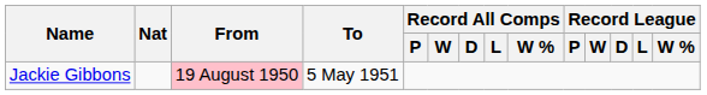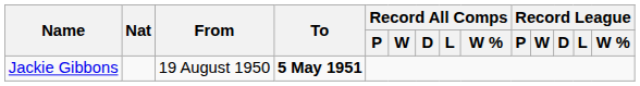 <table style="text-align: center" class="wikitable">
 <tr>
 <th rowspan="2">Name</th>
 <th rowspan="2">Nat</th>
 <th rowspan="2">From</th>
 <th rowspan="2">To</th>
 <th colspan="5">Record All Comps</th>
 <th colspan="5">Record League</th>
 </tr>
 <tr>
 <th>P</th>
 <th>W</th>
 <th>D</th>
 <th>L</th>
 <th>W %</th>
 <th>P</th>
 <th>W</th>
 <th>D</th>
 <th>L</th>
 <th>W %</th>
 </tr>
 <tr>
 <td style="text-align:left;"><a href='#'>Jackie Gibbons</a></td>
 <td></td>
-<td style="background: pink; text-align:left;">19 August 1950</td>
-<td style="text-align:left;">5 May 1951<br> </td>
+<td style="text-align:left;">19 August 1950</td>
+<td style="text-align:left;"><strong>5 May 1951<br> </strong></td>
 </tr>
 </table>
